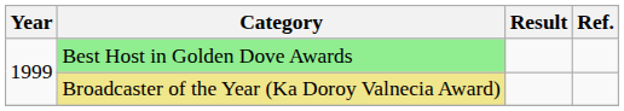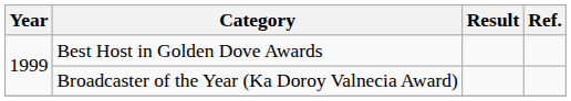 <table class="wikitable plainrowheaders sortable">
 <tr>
 <th>Year</th>
 <th>Category</th>
 <th>Result</th>
 <th>Ref.</th>
 </tr>
 <tr>
 <td rowspan=2>1999</td>
-<td style="background: lightgreen;">Best Host in Golden Dove Awards</td>
+<td>Best Host in Golden Dove Awards</td>
 <td></td>
 <td></td>
 </tr>
 <tr>
-<td style="background: khaki;">Broadcaster of the Year (Ka Doroy Valnecia Award)</td>
+<td>Broadcaster of the Year (Ka Doroy Valnecia Award)</td>
 <td></td>
 <td></td>
 </tr>
 <tr>
 </tr>
 </table>
